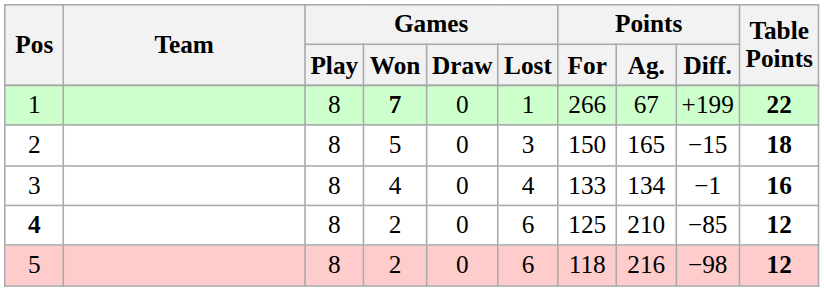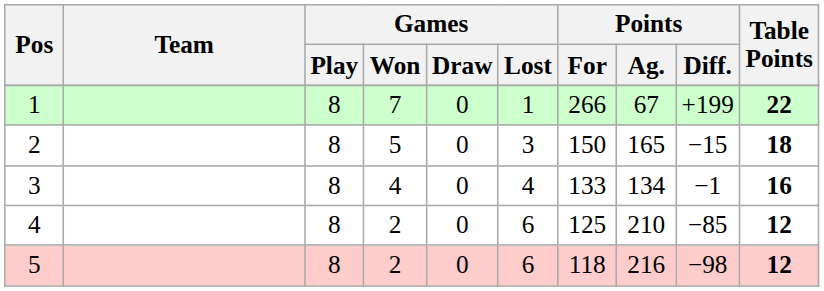 <table class="wikitable">
 <tr>
 <th rowspan=2 width=30>Pos</th>
 <th rowspan=2 width=145>Team</th>
 <th colspan=4 width=120>Games</th>
 <th colspan=3 width=90>Points</th>
 <th rowspan=2 width=30>Table <br>Points</th>
 </tr>
 <tr>
 <th width=30>Play</th>
 <th width=30>Won</th>
 <th width=30>Draw</th>
 <th width=30>Lost</th>
 <th width=30>For</th>
 <th width=30>Ag.</th>
 <th width=30>Diff.</th>
 </tr>
 <tr>
 </tr>
 <tr bgcolor=#ccffcc align=center>
 <td>1</td>
 <td align=left></td>
 <td>8</td>
-<td><strong>7</strong></td>
+<td>7</td>
 <td>0</td>
 <td>1</td>
 <td>266</td>
 <td>67</td>
 <td>+199</td>
 <td><strong>22</strong></td>
 </tr>
 <tr bgcolor=#ffffff align=center>
 <td>2</td>
 <td align=left></td>
 <td>8</td>
 <td>5</td>
 <td>0</td>
 <td>3</td>
 <td>150</td>
 <td>165</td>
 <td>−15</td>
 <td><strong>18</strong></td>
 </tr>
 <tr bgcolor=#ffffff align=center>
 <td>3</td>
 <td align=left></td>
 <td>8</td>
 <td>4</td>
 <td>0</td>
 <td>4</td>
 <td>133</td>
 <td>134</td>
 <td>−1</td>
 <td><strong>16</strong></td>
 </tr>
 <tr bgcolor=#ffffff align=center>
-<td><strong>4</strong></td>
+<td>4</td>
 <td align=left></td>
 <td>8</td>
 <td>2</td>
 <td>0</td>
 <td>6</td>
 <td>125</td>
 <td>210</td>
 <td>−85</td>
 <td><strong>12</strong></td>
 </tr>
 <tr bgcolor=#ffcccc align=center>
 <td>5</td>
 <td align=left></td>
 <td>8</td>
 <td>2</td>
 <td>0</td>
 <td>6</td>
 <td>118</td>
 <td>216</td>
 <td>−98</td>
 <td><strong>12</strong></td>
 </tr>
 </table>
